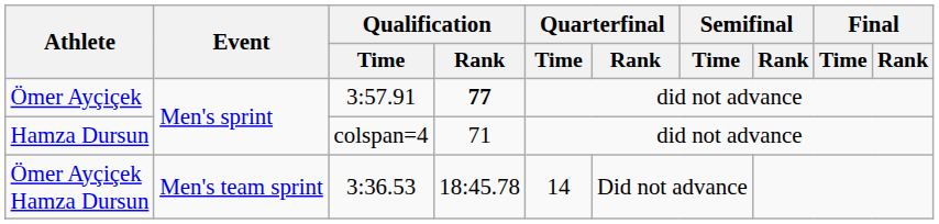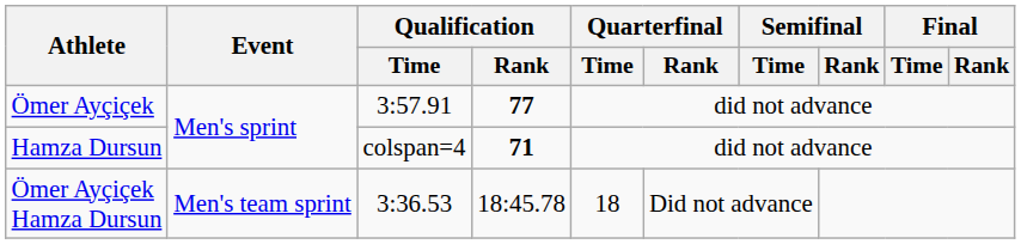 <table class="wikitable" style="font-size:90%">
 <tr>
 <th rowspan="2">Athlete</th>
 <th rowspan="2">Event</th>
 <th colspan="2">Qualification</th>
 <th colspan="2">Quarterfinal</th>
 <th colspan="2">Semifinal</th>
 <th colspan="2">Final</th>
 </tr>
 <tr style="font-size:95%">
 <th>Time</th>
 <th>Rank</th>
 <th>Time</th>
 <th>Rank</th>
 <th>Time</th>
 <th>Rank</th>
 <th>Time</th>
 <th>Rank</th>
 </tr>
 <tr align=center>
 <td align=left><a href='#'>Ömer Ayçiçek</a></td>
 <td align=left rowspan=2><a href='#'>Men's sprint</a></td>
 <td>3:57.91</td>
 <td><strong>77</strong></td>
 <td colspan=6>did not advance</td>
 </tr>
 <tr align=center>
 <td align=left><a href='#'>Hamza Dursun</a></td>
 <td>colspan=4 </td>
-<td>71</td>
+<td><strong>71</strong></td>
 <td colspan=6>did not advance</td>
 </tr>
 <tr align=center>
 <td align=left><a href='#'>Ömer Ayçiçek</a><br><a href='#'>Hamza Dursun</a></td>
 <td align=left rowspan=2><a href='#'>Men's team sprint</a></td>
 <td>3:36.53</td>
 <td>18:45.78</td>
-<td>14</td>
+<td>18</td>
 <td colspan=2>Did not advance</td>
 </tr>
 </table>
